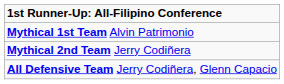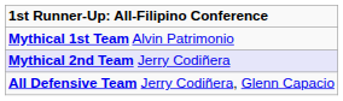 <table class="wikitable" border="1">
 <tr>
 <td><strong>1st Runner-Up: All-Filipino Conference</strong></td>
 </tr>
 <tr>
 <td><strong><a href='#'>Mythical 1st Team</a></strong> <a href='#'>Alvin Patrimonio</a></td>
 </tr>
 <tr>
-<td><strong><a href='#'>Mythical 2nd Team</a></strong> <a href='#'>Jerry Codiñera</a></td>
+<td style="background: lavender;"><strong><a href='#'>Mythical 2nd Team</a></strong> <a href='#'>Jerry Codiñera</a></td>
 </tr>
 <tr>
 <td><strong><a href='#'>All Defensive Team</a></strong> <a href='#'>Jerry Codiñera</a>, <a href='#'>Glenn Capacio</a></td>
 </tr>
 </table>
